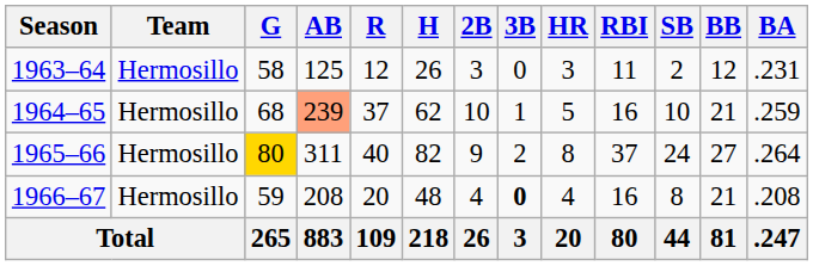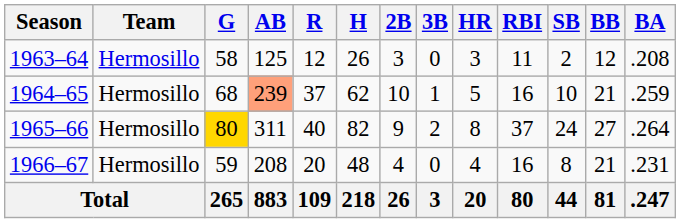 <table class="wikitable sortable" style="text-align:center">
 <tr>
 <th>Season</th>
 <th>Team</th>
 <th><a href='#'>G</a></th>
 <th><a href='#'>AB</a></th>
 <th><a href='#'>R</a></th>
 <th><a href='#'>H</a></th>
 <th><a href='#'>2B</a></th>
 <th><a href='#'>3B</a></th>
 <th><a href='#'>HR</a></th>
 <th><a href='#'>RBI</a></th>
 <th><a href='#'>SB</a></th>
 <th><a href='#'>BB</a></th>
 <th><a href='#'>BA</a></th>
 </tr>
 <tr>
 <td><a href='#'>1963–64</a></td>
 <td><a href='#'>Hermosillo</a></td>
 <td>58</td>
 <td>125</td>
 <td>12</td>
 <td>26</td>
 <td>3</td>
 <td>0</td>
 <td>3</td>
 <td>11</td>
 <td>2</td>
 <td>12</td>
-<td>.231</td>
+<td>.208</td>
 </tr>
 <tr>
 <td><a href='#'>1964–65</a></td>
 <td>Hermosillo</td>
 <td>68</td>
 <td style="background: lightsalmon;">239</td>
 <td>37</td>
 <td>62</td>
 <td>10</td>
 <td>1</td>
 <td>5</td>
 <td>16</td>
 <td>10</td>
 <td>21</td>
 <td>.259</td>
 </tr>
 <tr>
 <td><a href='#'>1965–66</a></td>
 <td>Hermosillo</td>
 <td style="background: gold;">80</td>
 <td>311</td>
 <td>40</td>
 <td>82</td>
 <td>9</td>
 <td>2</td>
 <td>8</td>
 <td>37</td>
 <td>24</td>
 <td>27</td>
 <td>.264</td>
 </tr>
 <tr>
 <td><a href='#'>1966–67</a></td>
 <td>Hermosillo</td>
 <td>59</td>
 <td>208</td>
 <td>20</td>
 <td>48</td>
 <td>4</td>
-<td><strong>0</strong></td>
+<td>0</td>
 <td>4</td>
 <td>16</td>
 <td>8</td>
 <td>21</td>
-<td>.208</td>
+<td>.231</td>
 </tr>
 <tr>
 <th colspan=2>Total</th>
 <th>265</th>
 <th>883</th>
 <th>109</th>
 <th>218</th>
 <th>26</th>
 <th>3</th>
 <th>20</th>
 <th>80</th>
 <th>44</th>
 <th>81</th>
 <th>.247</th>
 </tr>
 </table>
